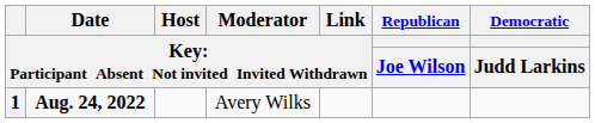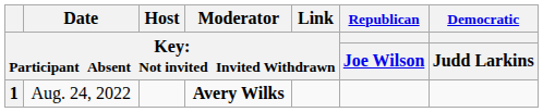 <table class="wikitable" style="text-align:center;">
 <tr>
 <th scope="col"></th>
 <th scope="col">Date</th>
 <th scope="col">Host</th>
 <th scope="col">Moderator</th>
 <th scope="col">Link</th>
 <th scope="col"><small><a href='#'>Republican</a></small></th>
 <th scope="col"><small><a href='#'>Democratic</a></small></th>
 </tr>
 <tr>
 <th colspan="5" rowspan="2">Key:<br> <small>Participant </small>  <small>Absent </small>  <small>Not invited </small>  <small>Invited  Withdrawn</small></th>
 <th scope="col" style="background:"></th>
 <th scope="col" style="background:"></th>
 </tr>
 <tr>
 <th scope="col"><a href='#'>Joe Wilson</a></th>
 <th scope="col">Judd Larkins</th>
 </tr>
 <tr>
 <th>1</th>
-<td style="white-space:nowrap;"><strong>Aug. 24, 2022</strong></td>
+<td style="white-space:nowrap;">Aug. 24, 2022</td>
 <td style="white-space:nowrap;"></td>
-<td style="white-space:nowrap;">Avery Wilks</td>
+<td style="white-space:nowrap;"><strong>Avery Wilks</strong></td>
 <td style="white-space:nowrap;"></td>
 <td></td>
 <td></td>
 </tr>
 </table>
